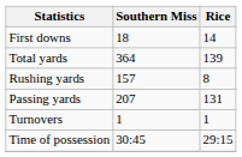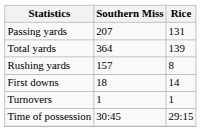 <table class="wikitable" style="float: right;">
 <tr>
 <th>Statistics</th>
 <th>Southern Miss</th>
 <th>Rice</th>
 </tr>
 <tr>
-<td>First downs</td>
-<td>18</td>
-<td>14</td>
+<td>Passing yards</td>
+<td>207</td>
+<td>131</td>
 </tr>
 <tr>
 <td>Total yards</td>
 <td>364</td>
 <td>139</td>
 </tr>
 <tr>
 <td>Rushing yards</td>
 <td>157</td>
 <td>8</td>
 </tr>
 <tr>
-<td>Passing yards</td>
-<td>207</td>
-<td>131</td>
+<td>First downs</td>
+<td>18</td>
+<td>14</td>
 </tr>
 <tr>
 <td>Turnovers</td>
 <td>1</td>
 <td>1</td>
 </tr>
 <tr>
 <td>Time of possession</td>
 <td>30:45</td>
 <td>29:15</td>
 </tr>
 <tr>
 </tr>
 </table>
